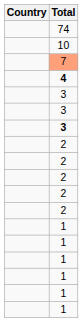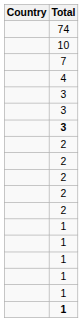 <table class="sortable wikitable" style="text-align: center">
 <tr>
 <th>Country</th>
 <th>Total</th>
 </tr>
 <tr>
 <td align=left></td>
 <td>74</td>
 </tr>
 <tr>
 <td align=left></td>
 <td>10</td>
 </tr>
 <tr>
 <td align=left></td>
-<td style="background: lightsalmon;">7</td>
+<td>7</td>
 </tr>
 <tr>
 <td align=left></td>
-<td><strong>4</strong></td>
+<td>4</td>
 </tr>
 <tr>
 <td align=left></td>
 <td>3</td>
 </tr>
 <tr>
 <td align=left></td>
 <td>3</td>
 </tr>
 <tr>
 <td align=left></td>
 <td><strong>3</strong></td>
 </tr>
 <tr>
 <td align=left></td>
 <td>2</td>
 </tr>
 <tr>
 <td align=left></td>
 <td>2</td>
 </tr>
 <tr>
 <td align=left></td>
 <td>2</td>
 </tr>
 <tr>
 <td align=left></td>
 <td>2</td>
 </tr>
 <tr>
 <td align=left></td>
 <td>2</td>
 </tr>
 <tr>
 <td align=left></td>
 <td>1</td>
 </tr>
 <tr>
 <td align=left></td>
 <td>1</td>
 </tr>
 <tr>
 <td align=left></td>
 <td>1</td>
 </tr>
 <tr>
 <td align=left></td>
 <td>1</td>
 </tr>
 <tr>
 <td align=left></td>
 <td>1</td>
 </tr>
 <tr>
 <td align=left></td>
-<td>1</td>
+<td><strong>1</strong></td>
 </tr>
 </table>
